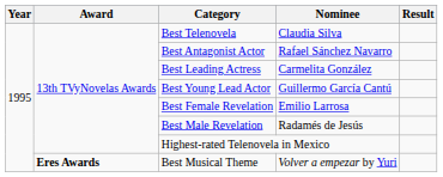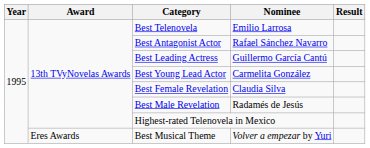 <table class="wikitable">
 <tr style="background:#b0c4de;">
 <th>Year</th>
 <th>Award</th>
 <th>Category</th>
 <th>Nominee</th>
 <th>Result</th>
 </tr>
 <tr>
 <td rowspan=8>1995</td>
 <td rowspan=7><a href='#'>13th TVyNovelas Awards</a></td>
 <td><a href='#'>Best Telenovela</a></td>
-<td><a href='#'>Claudia Silva</a></td>
+<td><a href='#'>Emilio Larrosa</a></td>
 <td></td>
 </tr>
 <tr>
 <td><a href='#'>Best Antagonist Actor</a></td>
 <td><a href='#'>Rafael Sánchez Navarro</a></td>
 <td></td>
 </tr>
 <tr>
 <td><a href='#'>Best Leading Actress</a></td>
+<td><a href='#'>Guillermo García Cantú</a></td>
+<td></td>
+</tr>
+<tr>
+<td><a href='#'>Best Young Lead Actor</a></td>
 <td><a href='#'>Carmelita González</a></td>
 <td></td>
 </tr>
 <tr>
-<td><a href='#'>Best Young Lead Actor</a></td>
-<td><a href='#'>Guillermo García Cantú</a></td>
-<td></td>
-</tr>
-<tr>
 <td><a href='#'>Best Female Revelation</a></td>
-<td><a href='#'>Emilio Larrosa</a></td>
+<td><a href='#'>Claudia Silva</a></td>
 <td></td>
 </tr>
 <tr>
 <td><a href='#'>Best Male Revelation</a></td>
 <td>Radamés de Jesús</td>
 <td></td>
 </tr>
 <tr>
 <td colspan=2>Highest-rated Telenovela in Mexico</td>
 <td></td>
 </tr>
 <tr>
-<td><strong>Eres Awards</strong></td>
+<td>Eres Awards</td>
 <td>Best Musical Theme</td>
 <td><em>Volver a empezar</em> by <a href='#'>Yuri</a></td>
 <td></td>
 </tr>
 </table>
